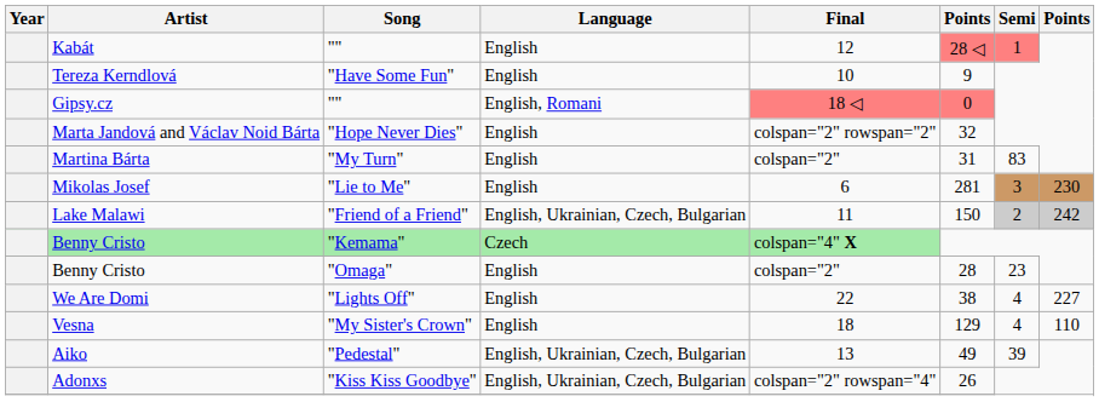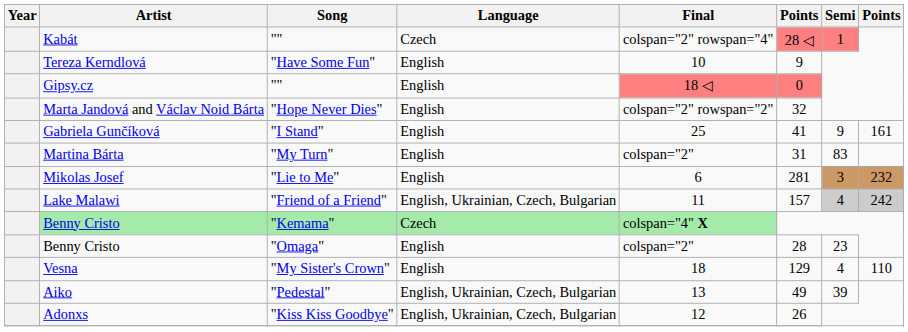 <table class="wikitable sortable plainrowheaders">
 <tr>
 <th scope="col">Year</th>
 <th scope="col">Artist</th>
 <th scope="col">Song</th>
 <th scope="col">Language</th>
 <th scope="col" data-sort-type="number">Final</th>
 <th scope="col" data-sort-type="number">Points</th>
 <th scope="col" data-sort-type="number">Semi</th>
 <th scope="col" data-sort-type="number">Points</th>
 </tr>
 <tr>
 <th scope="row" style="text-align:center;"></th>
 <td><a href='#'>Kabát</a></td>
 <td>""</td>
-<td>English</td>
-<td style="text-align:center;">12</td>
+<td>Czech</td>
+<td>colspan="2" rowspan="4" </td>
 <td style="text-align:center; background-color:#FE8080;">28 ◁</td>
 <td style="text-align:center; background-color:#FE8080;">1</td>
 </tr>
 <tr>
 <th scope="row" style="text-align:center;"></th>
 <td><a href='#'>Tereza Kerndlová</a></td>
 <td>"<a href='#'>Have Some Fun</a>"</td>
 <td>English</td>
 <td style="text-align:center;">10</td>
 <td style="text-align:center;">9</td>
 </tr>
 <tr>
 <th scope="row" style="text-align:center;"></th>
 <td><a href='#'>Gipsy.cz</a></td>
 <td>""</td>
-<td>English, <a href='#'>Romani</a></td>
+<td>English</td>
 <td style="text-align:center; background-color:#FE8080;">18 ◁</td>
 <td style="text-align:center; background-color:#FE8080;">0</td>
 </tr>
 <tr>
 <th scope="row" style="text-align:center;"></th>
 <td><a href='#'>Marta Jandová</a> and <a href='#'>Václav Noid Bárta</a></td>
 <td>"<a href='#'>Hope Never Dies</a>"</td>
 <td>English</td>
 <td>colspan="2" rowspan="2" </td>
 <td style="text-align:center;">32</td>
+</tr>
+<tr>
+<th scope="row" style="text-align:center;"></th>
+<td><a href='#'>Gabriela Gunčíková</a></td>
+<td>"<a href='#'>I Stand</a>"</td>
+<td>English</td>
+<td style="text-align:center;">25</td>
+<td style="text-align:center;">41</td>
+<td style="text-align:center;">9</td>
+<td style="text-align:center;">161</td>
 </tr>
 <tr>
 <th scope="row" style="text-align:center;"></th>
 <td><a href='#'>Martina Bárta</a></td>
 <td>"<a href='#'>My Turn</a>"</td>
 <td>English</td>
 <td>colspan="2" </td>
 <td style="text-align:center;">31</td>
 <td style="text-align:center;">83</td>
 </tr>
 <tr>
 <th scope="row" style="text-align:center;"></th>
 <td><a href='#'>Mikolas Josef</a></td>
 <td>"<a href='#'>Lie to Me</a>"</td>
 <td>English</td>
 <td style="text-align:center;">6</td>
 <td style="text-align:center;">281</td>
 <td style="text-align:center; background-color:#C96;">3</td>
-<td style="text-align:center; background-color:#C96;">230</td>
+<td style="text-align:center; background-color:#C96;">232</td>
 </tr>
 <tr>
 <th scope="row" style="text-align:center;"></th>
 <td><a href='#'>Lake Malawi</a></td>
 <td>"<a href='#'>Friend of a Friend</a>"</td>
 <td>English, Ukrainian, Czech, Bulgarian</td>
 <td style="text-align:center;">11</td>
-<td style="text-align:center;">150</td>
-<td style="text-align:center; background-color:#CCC;">2</td>
+<td style="text-align:center;">157</td>
+<td style="text-align:center; background-color:#CCC;">4</td>
 <td style="text-align:center; background-color:#CCC;">242</td>
 </tr>
 <tr style="background-color:#A4EAA9;">
 <th scope="row" style="text-align:center;"></th>
 <td><a href='#'>Benny Cristo</a></td>
 <td>"<a href='#'>Kemama</a>"</td>
 <td>Czech</td>
 <td>colspan="4"  <strong>X</strong></td>
 </tr>
 <tr>
 <th scope="row" style="text-align:center;"></th>
 <td>Benny Cristo</td>
 <td>"<a href='#'>Omaga</a>"</td>
 <td>English</td>
 <td>colspan="2" </td>
 <td style="text-align:center;">28</td>
 <td style="text-align:center;">23</td>
-</tr>
-<tr>
-<th scope="row" style="text-align:center;"></th>
-<td><a href='#'>We Are Domi</a></td>
-<td>"<a href='#'>Lights Off</a>"</td>
-<td>English</td>
-<td style="text-align:center;">22</td>
-<td style="text-align:center;">38</td>
-<td style="text-align:center;">4</td>
-<td style="text-align:center;">227</td>
 </tr>
 <tr>
 <th scope="row" style="text-align:center;"></th>
 <td><a href='#'>Vesna</a></td>
 <td>"<a href='#'>My Sister's Crown</a>"</td>
 <td>English</td>
 <td style="text-align:center;">18</td>
 <td style="text-align:center;">129</td>
 <td style="text-align:center;">4</td>
 <td style="text-align:center;">110</td>
 </tr>
 <tr>
 <th scope="row" style="text-align:center;"></th>
 <td><a href='#'>Aiko</a></td>
 <td>"<a href='#'>Pedestal</a>"</td>
 <td>English, Ukrainian, Czech, Bulgarian</td>
 <td style="text-align:center;">13</td>
 <td style="text-align:center;">49</td>
 <td style="text-align:center;">39</td>
 </tr>
 <tr>
 <th scope="row" style="text-align:center;"></th>
 <td><a href='#'>Adonxs</a></td>
 <td>"<a href='#'>Kiss Kiss Goodbye</a>"</td>
 <td>English, Ukrainian, Czech, Bulgarian</td>
-<td>colspan="2" rowspan="4" </td>
+<td style="text-align:center;">12</td>
 <td style="text-align:center;">26</td>
 </tr>
 <tr>
 </tr>
 </table>
